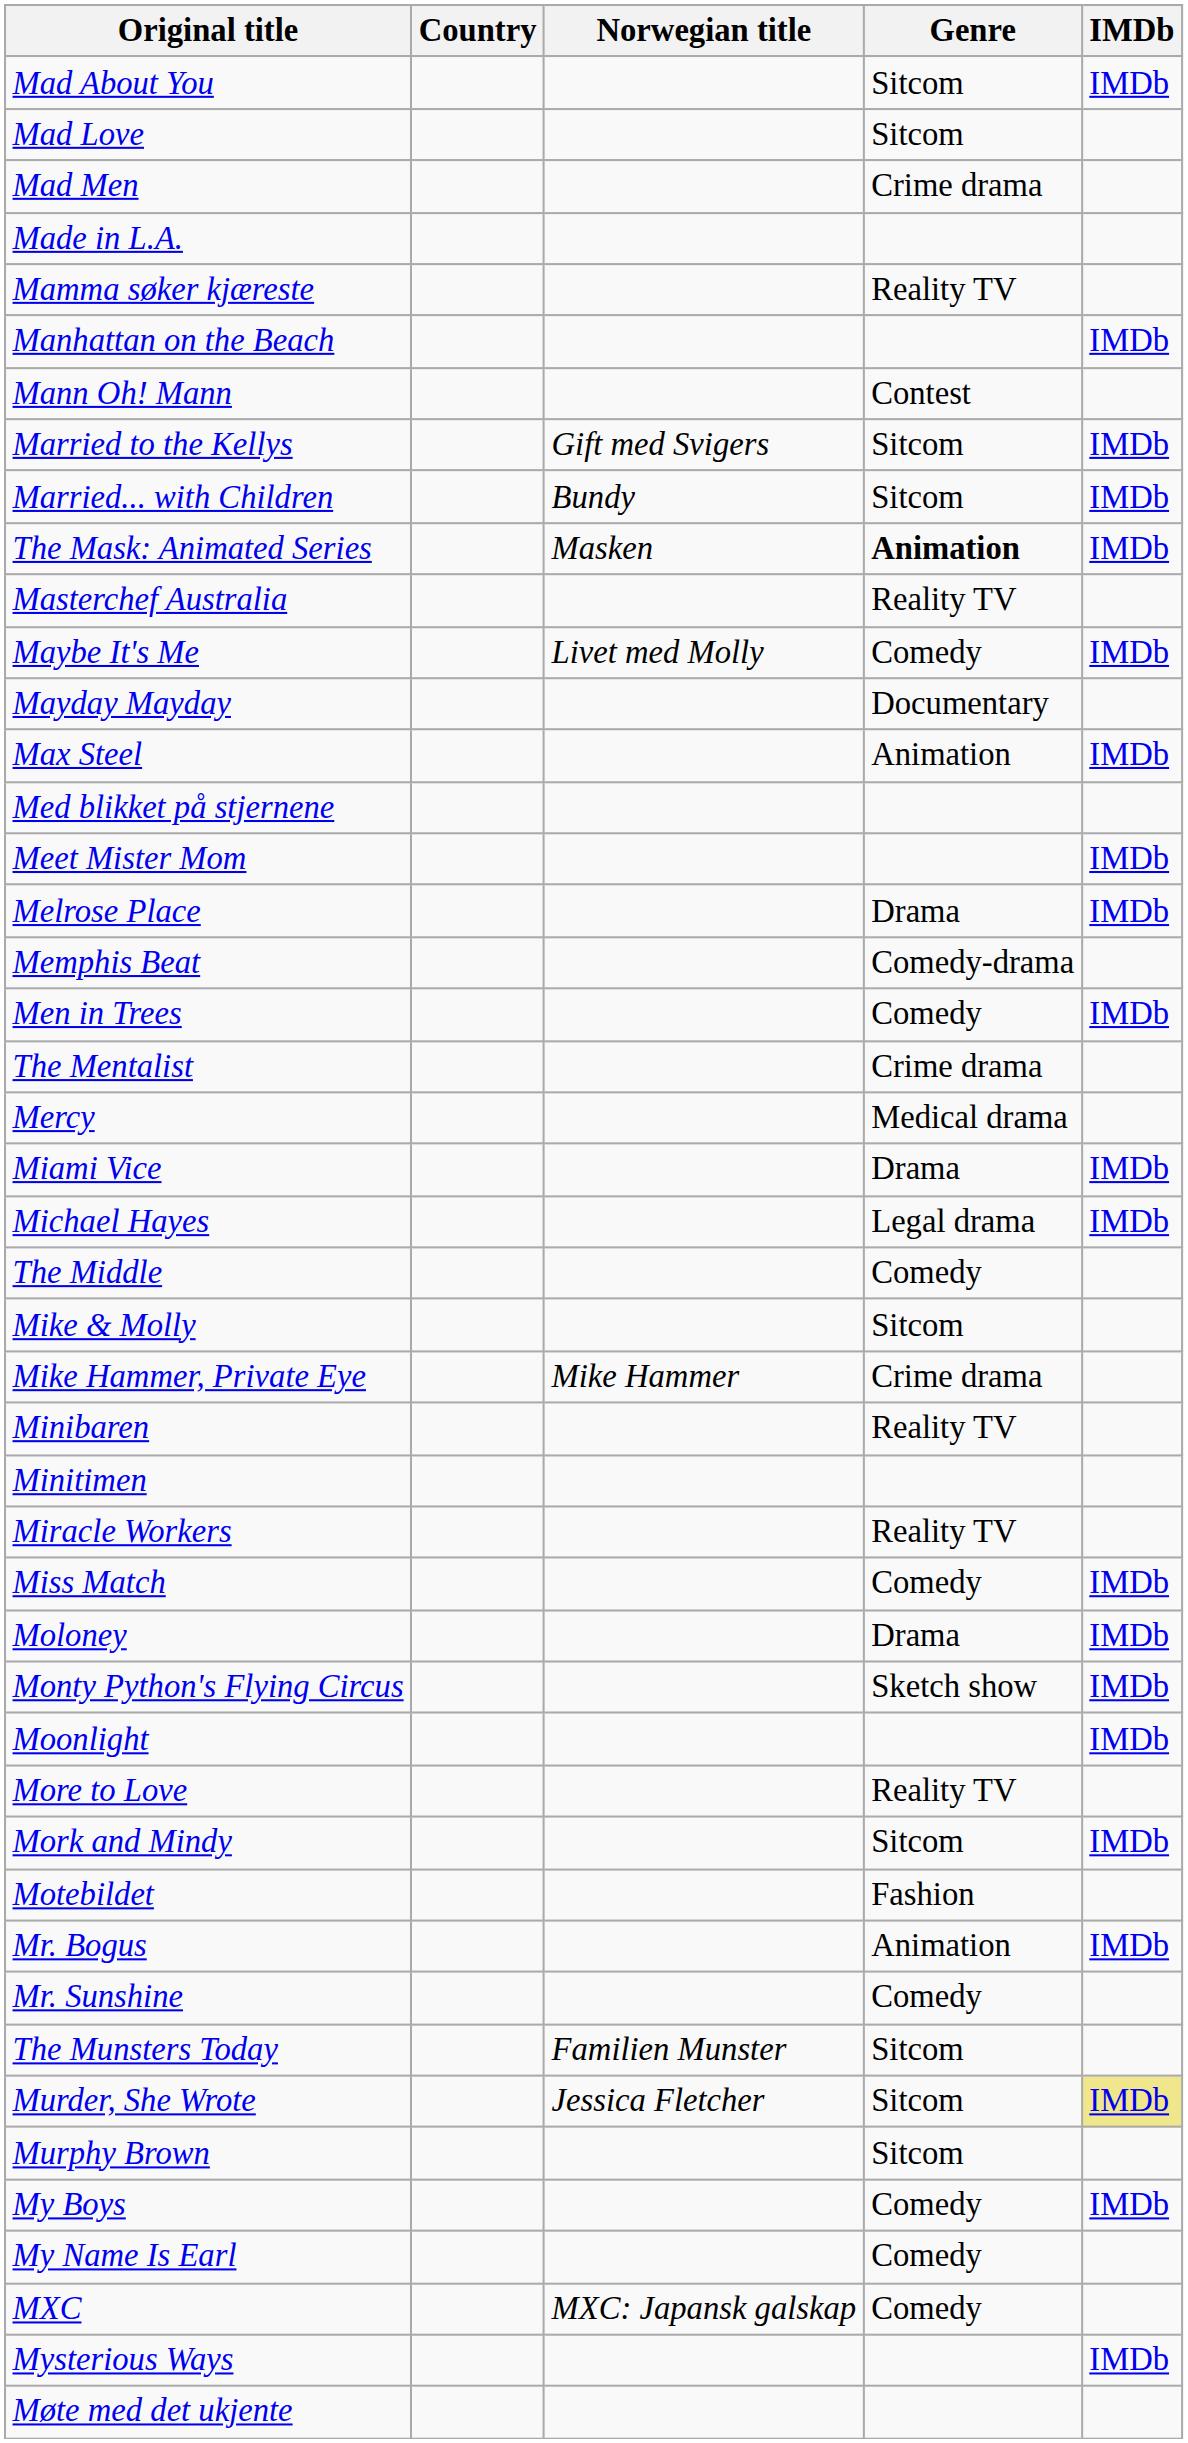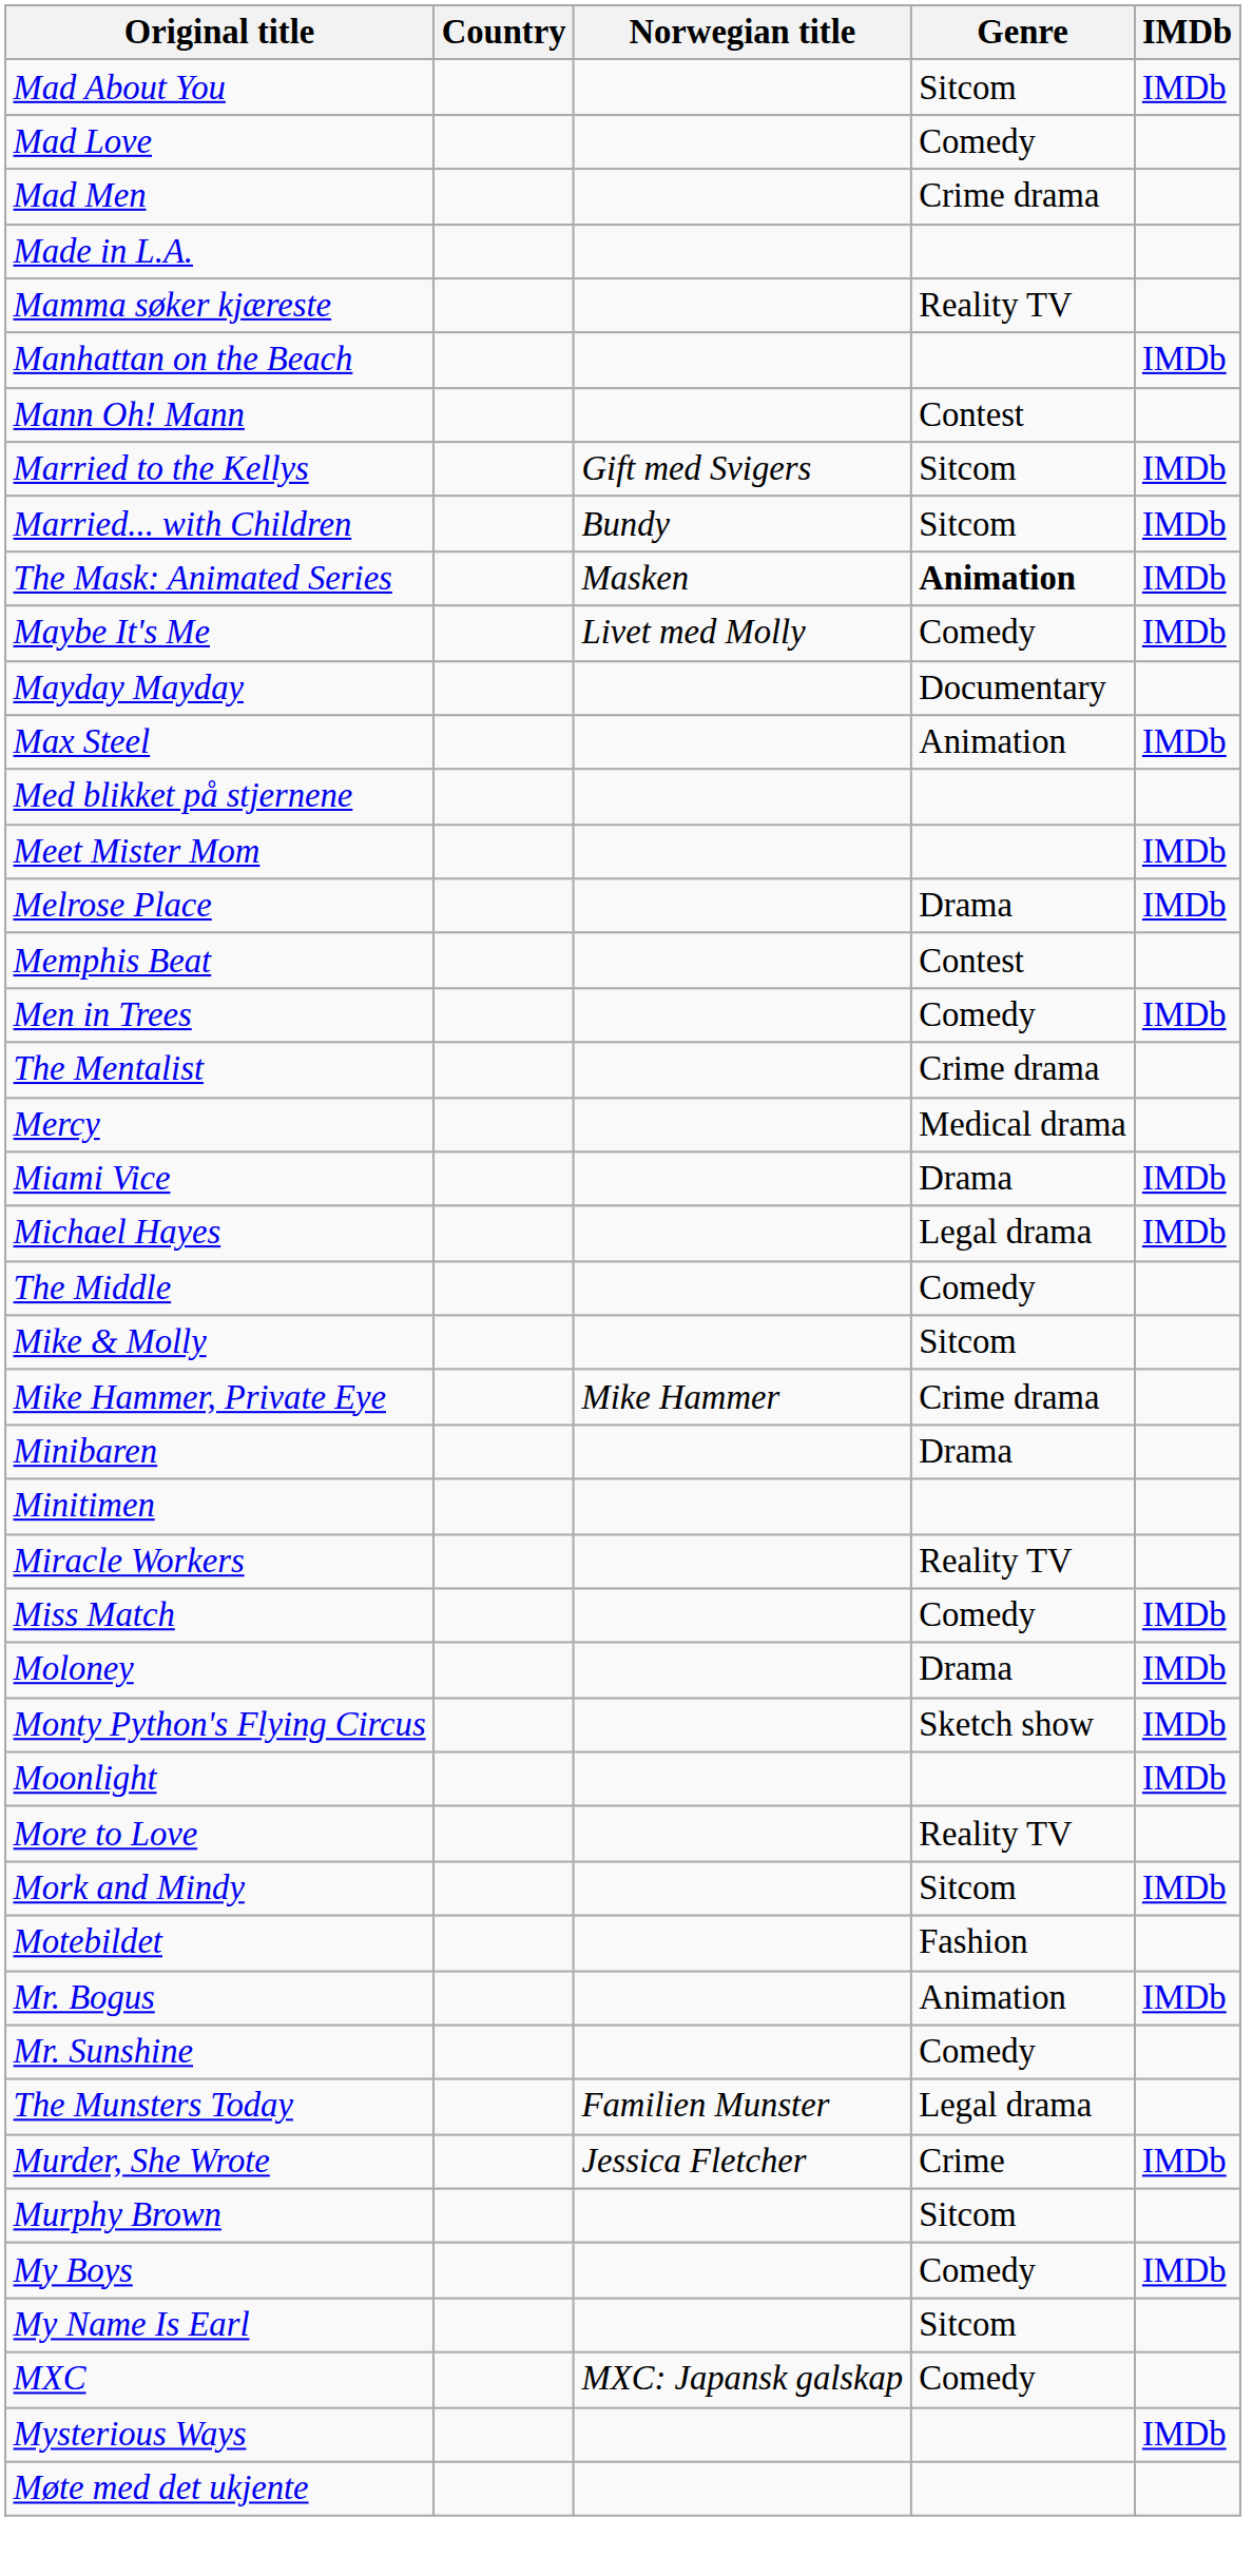 <table class="wikitable">
 <tr>
 <th>Original title</th>
 <th>Country</th>
 <th>Norwegian title</th>
 <th>Genre</th>
 <th>IMDb</th>
 </tr>
 <tr>
 <td><em><a href='#'>Mad About You</a></em></td>
 <td></td>
 <td></td>
 <td>Sitcom</td>
 <td><a href='#'>IMDb</a></td>
 </tr>
 <tr>
 <td><em><a href='#'>Mad Love</a></em></td>
 <td></td>
 <td></td>
-<td>Sitcom</td>
+<td>Comedy</td>
 <td></td>
 </tr>
 <tr>
 <td><em><a href='#'>Mad Men</a></em></td>
 <td></td>
 <td></td>
 <td>Crime drama</td>
 <td></td>
 </tr>
 <tr>
 <td><em><a href='#'>Made in L.A.</a></em></td>
 <td></td>
 <td></td>
 <td></td>
 <td></td>
 </tr>
 <tr>
 <td><em><a href='#'>Mamma søker kjæreste</a></em></td>
 <td></td>
 <td></td>
 <td>Reality TV</td>
 <td></td>
 </tr>
 <tr>
 <td><em><a href='#'>Manhattan on the Beach</a></em></td>
 <td></td>
 <td></td>
 <td></td>
 <td><a href='#'>IMDb</a></td>
 </tr>
 <tr>
 <td><em><a href='#'>Mann Oh! Mann</a></em></td>
 <td></td>
 <td></td>
 <td>Contest</td>
 <td></td>
 </tr>
 <tr>
 <td><em><a href='#'>Married to the Kellys</a></em></td>
 <td></td>
 <td><em>Gift med Svigers</em></td>
 <td>Sitcom</td>
 <td><a href='#'>IMDb</a></td>
 </tr>
 <tr>
 <td><em><a href='#'>Married... with Children</a></em></td>
 <td></td>
 <td><em>Bundy</em></td>
 <td>Sitcom</td>
 <td><a href='#'>IMDb</a></td>
 </tr>
 <tr>
 <td><em><a href='#'>The Mask: Animated Series</a></em></td>
 <td></td>
 <td><em>Masken</em></td>
 <td><strong>Animation</strong></td>
 <td><a href='#'>IMDb</a></td>
 </tr>
 <tr>
-<td><em><a href='#'>Masterchef Australia</a></em></td>
-<td></td>
-<td></td>
-<td>Reality TV</td>
-<td></td>
-</tr>
-<tr>
 <td><em><a href='#'>Maybe It's Me</a></em></td>
 <td></td>
 <td><em>Livet med Molly</em></td>
 <td>Comedy</td>
 <td><a href='#'>IMDb</a></td>
 </tr>
 <tr>
 <td><em><a href='#'>Mayday Mayday</a></em></td>
 <td></td>
 <td></td>
 <td>Documentary</td>
 <td></td>
 </tr>
 <tr>
 <td><em><a href='#'>Max Steel</a></em></td>
 <td></td>
 <td></td>
 <td>Animation</td>
 <td><a href='#'>IMDb</a></td>
 </tr>
 <tr>
 <td><em><a href='#'>Med blikket på stjernene</a></em></td>
 <td></td>
 <td></td>
 <td></td>
 <td></td>
 </tr>
 <tr>
 <td><em><a href='#'>Meet Mister Mom</a></em></td>
 <td></td>
 <td></td>
 <td></td>
 <td><a href='#'>IMDb</a></td>
 </tr>
 <tr>
 <td><em><a href='#'>Melrose Place</a></em></td>
 <td></td>
 <td></td>
 <td>Drama</td>
 <td><a href='#'>IMDb</a></td>
 </tr>
 <tr>
 <td><em><a href='#'>Memphis Beat</a></em></td>
 <td></td>
 <td></td>
-<td>Comedy-drama</td>
+<td>Contest</td>
 <td></td>
 </tr>
 <tr>
 <td><em><a href='#'>Men in Trees</a></em></td>
 <td></td>
 <td></td>
 <td>Comedy</td>
 <td><a href='#'>IMDb</a></td>
 </tr>
 <tr>
 <td><em><a href='#'>The Mentalist</a></em></td>
 <td></td>
 <td></td>
 <td>Crime drama</td>
 <td></td>
 </tr>
 <tr>
 <td><em><a href='#'>Mercy</a></em></td>
 <td></td>
 <td></td>
 <td>Medical drama</td>
 <td></td>
 </tr>
 <tr>
 <td><em><a href='#'>Miami Vice</a></em></td>
 <td></td>
 <td></td>
 <td>Drama</td>
 <td><a href='#'>IMDb</a></td>
 </tr>
 <tr>
 <td><em><a href='#'>Michael Hayes</a></em></td>
 <td></td>
 <td></td>
 <td>Legal drama</td>
 <td><a href='#'>IMDb</a></td>
 </tr>
 <tr>
 <td><em><a href='#'>The Middle</a></em></td>
 <td></td>
 <td></td>
 <td>Comedy</td>
 <td></td>
 </tr>
 <tr>
 <td><em><a href='#'>Mike & Molly</a></em></td>
 <td></td>
 <td></td>
 <td>Sitcom</td>
 <td></td>
 </tr>
 <tr>
 <td><em><a href='#'>Mike Hammer, Private Eye</a></em></td>
 <td></td>
 <td><em>Mike Hammer</em></td>
 <td>Crime drama</td>
 <td></td>
 </tr>
 <tr>
 <td><em><a href='#'>Minibaren</a></em></td>
 <td></td>
 <td></td>
-<td>Reality TV</td>
+<td>Drama</td>
 <td></td>
 </tr>
 <tr>
 <td><em><a href='#'>Minitimen</a></em></td>
 <td></td>
 <td></td>
 <td></td>
 <td></td>
 </tr>
 <tr>
 <td><em><a href='#'>Miracle Workers</a></em></td>
 <td></td>
 <td></td>
 <td>Reality TV</td>
 <td></td>
 </tr>
 <tr>
 <td><em><a href='#'>Miss Match</a></em></td>
 <td></td>
 <td></td>
 <td>Comedy</td>
 <td><a href='#'>IMDb</a></td>
 </tr>
 <tr>
 <td><em><a href='#'>Moloney</a></em></td>
 <td></td>
 <td></td>
 <td>Drama</td>
 <td><a href='#'>IMDb</a></td>
 </tr>
 <tr>
 <td><em><a href='#'>Monty Python's Flying Circus</a></em></td>
 <td></td>
 <td></td>
 <td>Sketch show</td>
 <td><a href='#'>IMDb</a></td>
 </tr>
 <tr>
 <td><em><a href='#'>Moonlight</a></em></td>
 <td></td>
 <td></td>
 <td></td>
 <td><a href='#'>IMDb</a></td>
 </tr>
 <tr>
 <td><em><a href='#'>More to Love</a></em> </td>
 <td></td>
 <td></td>
 <td>Reality TV</td>
 <td></td>
 </tr>
 <tr>
 <td><em><a href='#'>Mork and Mindy</a></em></td>
 <td></td>
 <td></td>
 <td>Sitcom</td>
 <td><a href='#'>IMDb</a></td>
 </tr>
 <tr>
 <td><em><a href='#'>Motebildet</a></em></td>
 <td></td>
 <td></td>
 <td>Fashion</td>
 <td></td>
 </tr>
 <tr>
 <td><em><a href='#'>Mr. Bogus</a></em></td>
 <td></td>
 <td></td>
 <td>Animation</td>
 <td><a href='#'>IMDb</a></td>
 </tr>
 <tr>
 <td><em><a href='#'>Mr. Sunshine</a></em></td>
 <td></td>
 <td></td>
 <td>Comedy</td>
 <td></td>
 </tr>
 <tr>
 <td><em><a href='#'>The Munsters Today</a></em></td>
 <td></td>
 <td><em>Familien Munster</em></td>
-<td>Sitcom</td>
+<td>Legal drama</td>
 <td></td>
 </tr>
 <tr>
 <td><em><a href='#'>Murder, She Wrote</a></em></td>
 <td></td>
 <td><em>Jessica Fletcher</em></td>
-<td>Sitcom</td>
-<td style="background: khaki;"><a href='#'>IMDb</a></td>
+<td>Crime</td>
+<td><a href='#'>IMDb</a></td>
 </tr>
 <tr>
 <td><em><a href='#'>Murphy Brown</a></em></td>
 <td></td>
 <td></td>
 <td>Sitcom</td>
 <td></td>
 </tr>
 <tr>
 <td><em><a href='#'>My Boys</a></em></td>
 <td></td>
 <td></td>
 <td>Comedy</td>
 <td><a href='#'>IMDb</a></td>
 </tr>
 <tr>
 <td><em><a href='#'>My Name Is Earl</a></em></td>
 <td></td>
 <td></td>
-<td>Comedy</td>
+<td>Sitcom</td>
 <td></td>
 </tr>
 <tr>
 <td><em><a href='#'>MXC</a></em></td>
 <td></td>
 <td><em>MXC: Japansk galskap</em></td>
 <td>Comedy</td>
 <td></td>
 </tr>
 <tr>
 <td><em><a href='#'>Mysterious Ways</a></em></td>
 <td></td>
 <td></td>
 <td></td>
 <td><a href='#'>IMDb</a></td>
 </tr>
 <tr>
 <td><em><a href='#'>Møte med det ukjente</a></em></td>
 <td></td>
 <td></td>
 <td></td>
 <td></td>
 </tr>
 </table>
